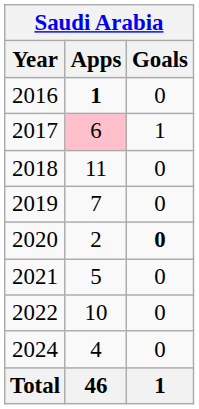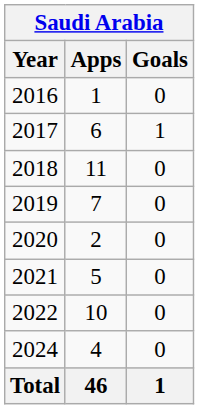 <table class="wikitable" style="text-align:center">
 <tr>
 <th colspan=3><a href='#'>Saudi Arabia</a></th>
 </tr>
 <tr>
 <th>Year</th>
 <th>Apps</th>
 <th>Goals</th>
 </tr>
 <tr>
 <td>2016</td>
-<td><strong>1</strong></td>
+<td>1</td>
 <td>0</td>
 </tr>
 <tr>
 <td>2017</td>
-<td style="background: pink;">6</td>
+<td>6</td>
 <td>1</td>
 </tr>
 <tr>
 <td>2018</td>
 <td>11</td>
 <td>0</td>
 </tr>
 <tr>
 <td>2019</td>
 <td>7</td>
 <td>0</td>
 </tr>
 <tr>
 <td>2020</td>
 <td>2</td>
-<td><strong>0</strong></td>
+<td>0</td>
 </tr>
 <tr>
 <td>2021</td>
 <td>5</td>
 <td>0</td>
 </tr>
 <tr>
 <td>2022</td>
 <td>10</td>
 <td>0</td>
 </tr>
 <tr>
 <td>2024</td>
 <td>4</td>
 <td>0</td>
 </tr>
 <tr>
 <th>Total</th>
 <th>46</th>
 <th>1</th>
 </tr>
 </table>
